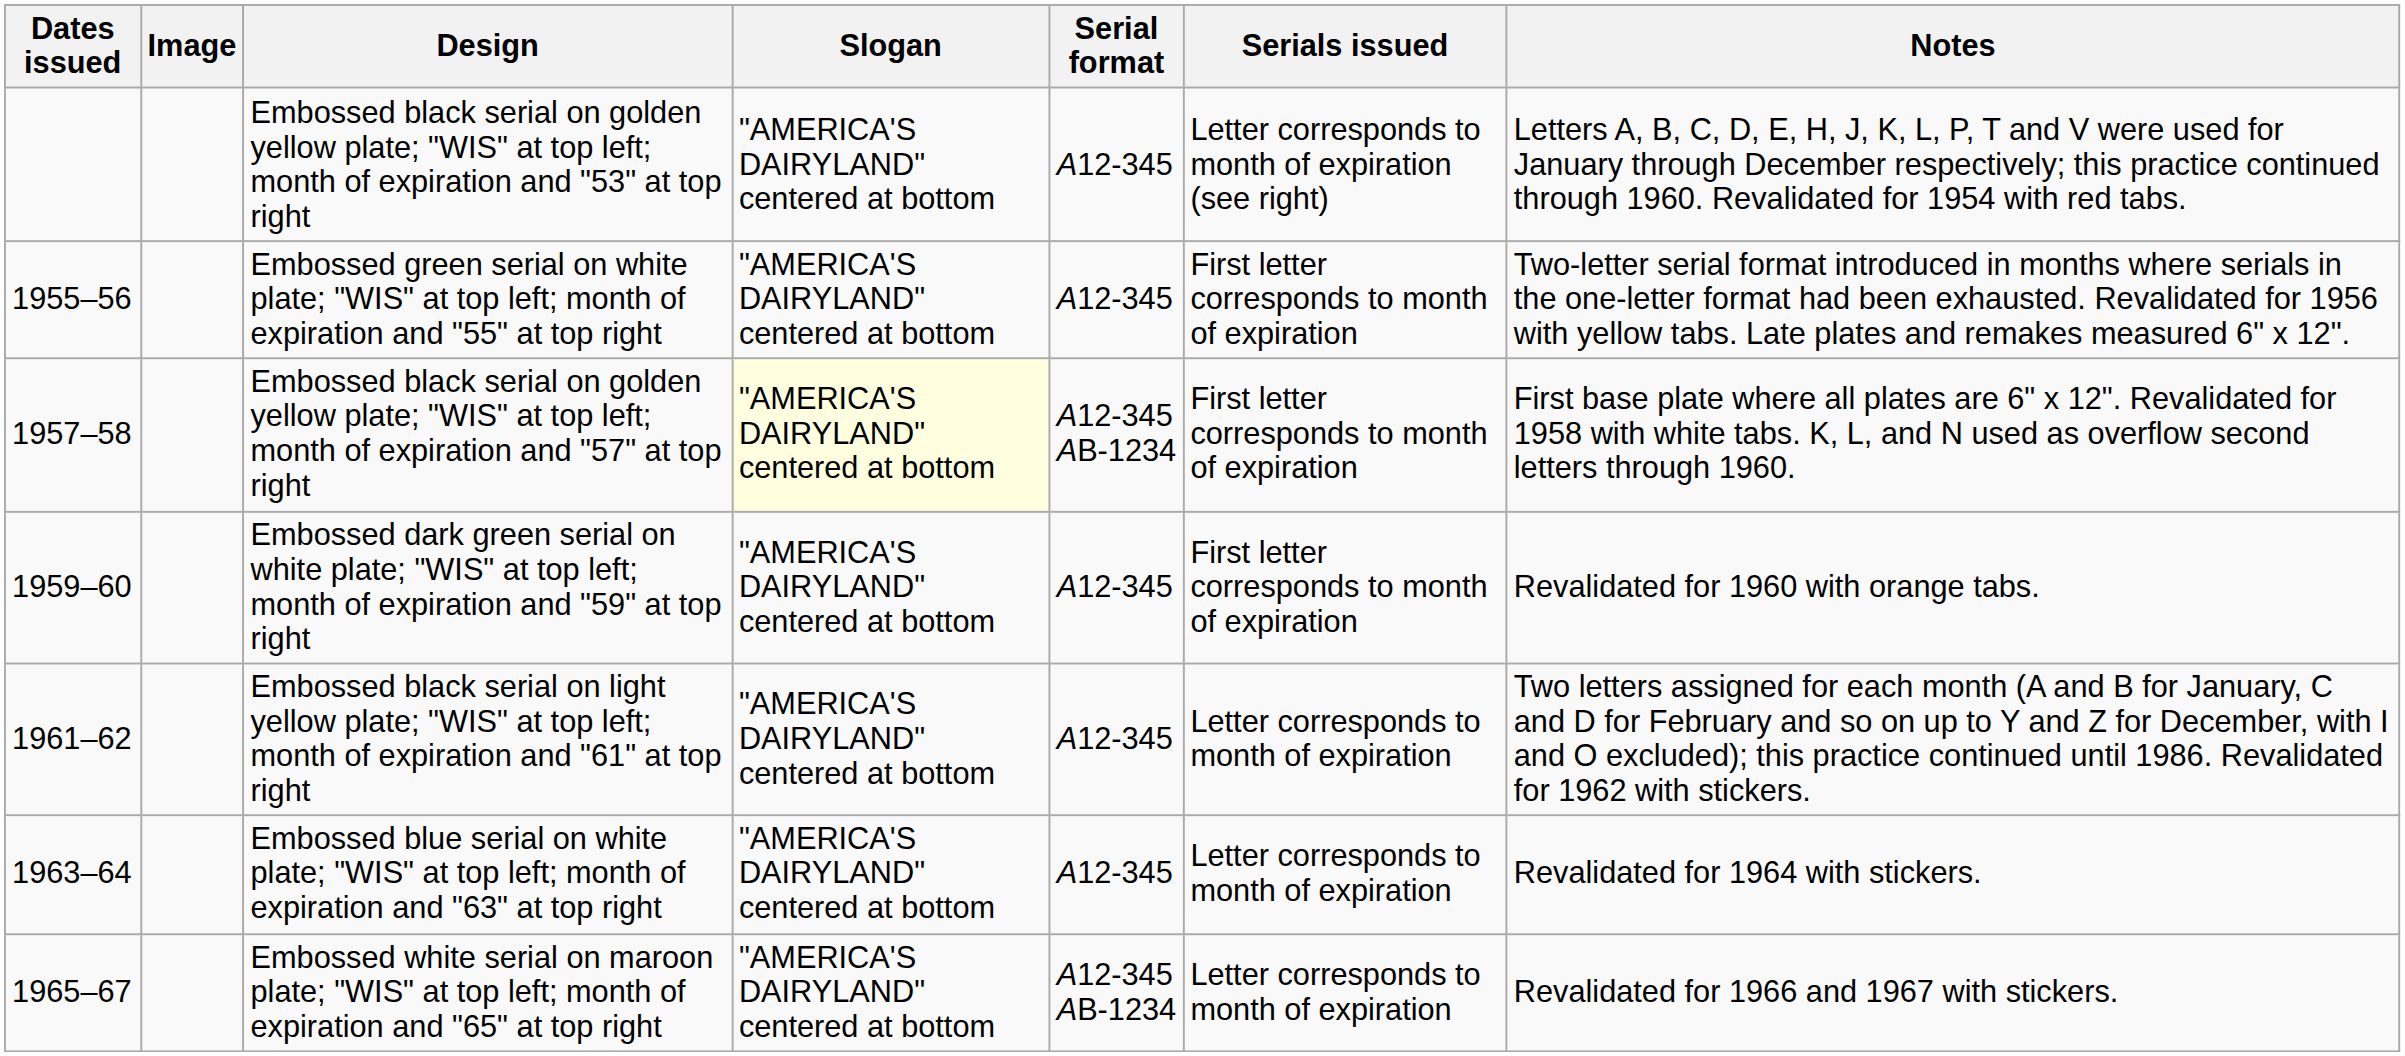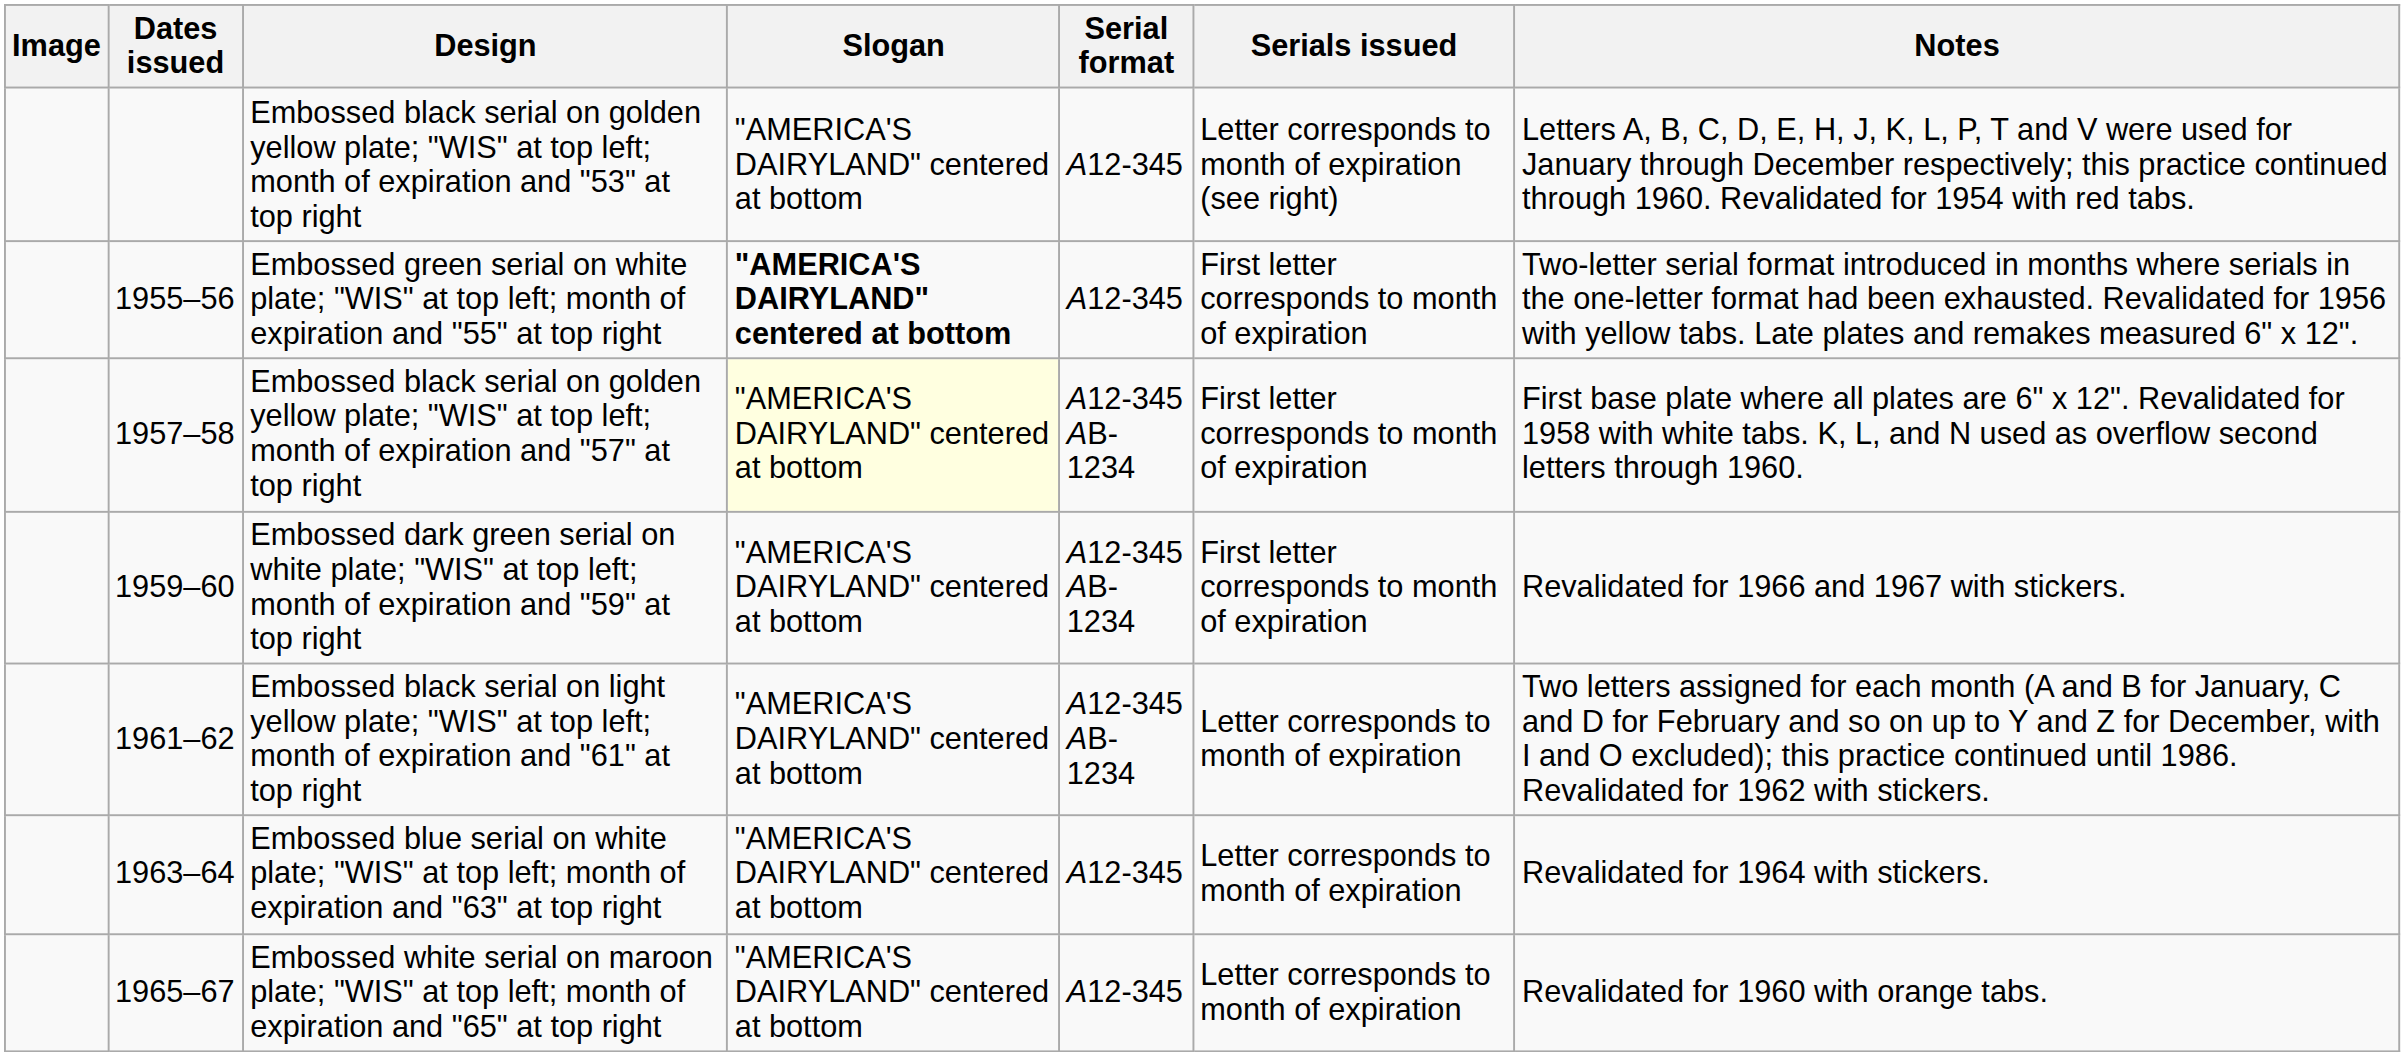 <table class="wikitable">
 <tr>
+<th>Image</th>
 <th>Dates issued</th>
-<th>Image</th>
 <th>Design</th>
 <th>Slogan</th>
 <th>Serial format</th>
 <th>Serials issued</th>
 <th>Notes</th>
 </tr>
 <tr>
+<td><br></td>
 <td></td>
-<td><br></td>
 <td>Embossed black serial on golden yellow plate; "WIS" at top left; month of expiration and "53" at top right</td>
 <td>"AMERICA'S DAIRYLAND" centered at bottom</td>
 <td><em>A</em>12-345</td>
 <td>Letter corresponds to month of expiration (see right)</td>
 <td>Letters A, B, C, D, E, H, J, K, L, P, T and V were used for January through December respectively; this practice continued through 1960. Revalidated for 1954 with red tabs.</td>
 </tr>
 <tr>
+<td> </td>
 <td>1955–56</td>
-<td> </td>
 <td>Embossed green serial on white plate; "WIS" at top left; month of expiration and "55" at top right</td>
-<td>"AMERICA'S DAIRYLAND" centered at bottom</td>
+<td><strong>"AMERICA'S DAIRYLAND" centered at bottom</strong></td>
 <td><em>A</em>12-345<br></td>
 <td>First letter corresponds to month of expiration</td>
 <td>Two-letter serial format introduced in months where serials in the one-letter format had been exhausted. Revalidated for 1956 with yellow tabs. Late plates and remakes measured 6" x 12".</td>
 </tr>
 <tr>
+<td> </td>
 <td>1957–58</td>
-<td> </td>
 <td>Embossed black serial on golden yellow plate; "WIS" at top left; month of expiration and "57" at top right</td>
 <td style="background: lightyellow;">"AMERICA'S DAIRYLAND" centered at bottom</td>
 <td><em>A</em>12-345<br><em>A</em>B-1234</td>
 <td>First letter corresponds to month of expiration</td>
 <td>First base plate where all plates are 6" x 12". Revalidated for 1958 with white tabs. K, L, and N used as overflow second letters through 1960.</td>
 </tr>
 <tr>
+<td> </td>
 <td>1959–60</td>
-<td> </td>
 <td>Embossed dark green serial on white plate; "WIS" at top left; month of expiration and "59" at top right</td>
 <td>"AMERICA'S DAIRYLAND" centered at bottom</td>
-<td><em>A</em>12-345</td>
+<td><em>A</em>12-345<br><em>A</em>B-1234</td>
 <td>First letter corresponds to month of expiration</td>
-<td>Revalidated for 1960 with orange tabs.</td>
+<td>Revalidated for 1966 and 1967 with stickers.</td>
 </tr>
 <tr>
+<td> </td>
 <td>1961–62</td>
-<td> </td>
 <td>Embossed black serial on light yellow plate; "WIS" at top left; month of expiration and "61" at top right</td>
 <td>"AMERICA'S DAIRYLAND" centered at bottom</td>
-<td><em>A</em>12-345</td>
+<td><em>A</em>12-345<br><em>A</em>B-1234</td>
 <td>Letter corresponds to month of expiration</td>
 <td>Two letters assigned for each month (A and B for January, C and D for February and so on up to Y and Z for December, with I and O excluded); this practice continued until 1986. Revalidated for 1962 with stickers.</td>
 </tr>
 <tr>
+<td> </td>
 <td>1963–64</td>
-<td> </td>
 <td>Embossed blue serial on white plate; "WIS" at top left; month of expiration and "63" at top right</td>
 <td>"AMERICA'S DAIRYLAND" centered at bottom</td>
 <td><em>A</em>12-345</td>
 <td>Letter corresponds to month of expiration</td>
 <td>Revalidated for 1964 with stickers.</td>
 </tr>
 <tr>
+<td></td>
 <td>1965–67</td>
-<td></td>
 <td>Embossed white serial on maroon plate; "WIS" at top left; month of expiration and "65" at top right</td>
 <td>"AMERICA'S DAIRYLAND" centered at bottom</td>
-<td><em>A</em>12-345<br><em>A</em>B-1234</td>
+<td><em>A</em>12-345</td>
 <td>Letter corresponds to month of expiration</td>
-<td>Revalidated for 1966 and 1967 with stickers.</td>
+<td>Revalidated for 1960 with orange tabs.</td>
 </tr>
 </table>
